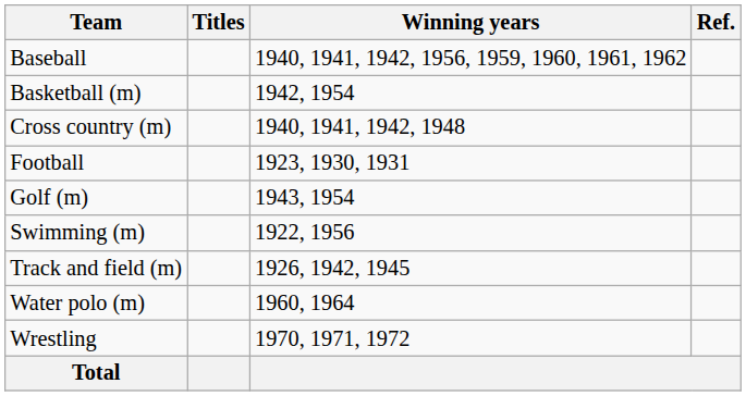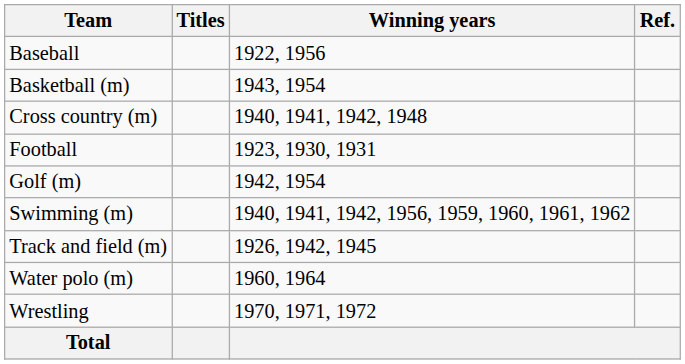 <table class="wikitable sortable"; style= "text-align: ">
 <tr>
 <th width=px>Team</th>
 <th width=px>Titles</th>
 <th width=px>Winning years</th>
 <th width=px>Ref.</th>
 </tr>
 <tr>
 <td>Baseball</td>
 <td></td>
-<td>1940, 1941, 1942, 1956, 1959, 1960, 1961, 1962</td>
+<td>1922, 1956</td>
 <td></td>
 </tr>
 <tr>
 <td>Basketball (m)</td>
 <td></td>
-<td>1942, 1954</td>
+<td>1943, 1954</td>
 <td></td>
 </tr>
 <tr>
 <td>Cross country (m)</td>
 <td></td>
 <td>1940, 1941, 1942, 1948</td>
 <td></td>
 </tr>
 <tr>
 <td>Football</td>
 <td></td>
 <td>1923, 1930, 1931</td>
 <td></td>
 </tr>
 <tr>
 <td>Golf (m)</td>
 <td></td>
-<td>1943, 1954</td>
+<td>1942, 1954</td>
 <td></td>
 </tr>
 <tr>
 <td>Swimming (m)</td>
 <td></td>
-<td>1922, 1956</td>
+<td>1940, 1941, 1942, 1956, 1959, 1960, 1961, 1962</td>
 <td></td>
 </tr>
 <tr>
 <td>Track and field (m)</td>
 <td></td>
 <td>1926, 1942, 1945</td>
 <td></td>
 </tr>
 <tr>
 <td>Water polo (m)</td>
 <td></td>
 <td>1960, 1964</td>
 <td></td>
 </tr>
 <tr>
 <td>Wrestling</td>
 <td></td>
 <td>1970, 1971, 1972</td>
 <td></td>
 </tr>
 <tr>
 <th>Total</th>
 <th></th>
 <th colspan=2></th>
 </tr>
 </table>
